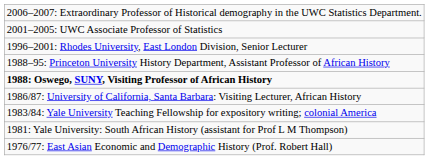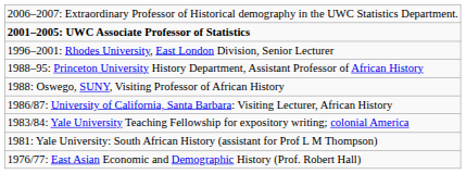 <table class="wikitable">
 <tr>
 <td>2006–2007: Extraordinary Professor of Historical demography in the UWC Statistics Department.</td>
 </tr>
 <tr>
-<td>2001–2005: UWC Associate Professor of Statistics</td>
+<td><strong>2001–2005: UWC Associate Professor of Statistics</strong></td>
 </tr>
 <tr>
 <td>1996–2001: <a href='#'>Rhodes University</a>, <a href='#'>East London</a> Division, Senior Lecturer</td>
 </tr>
 <tr>
 <td>1988–95: <a href='#'>Princeton University</a> History Department, Assistant Professor of <a href='#'>African History</a></td>
 </tr>
 <tr>
-<td><strong>1988: Oswego, <a href='#'>SUNY</a>, Visiting Professor of African History</strong></td>
+<td>1988: Oswego, <a href='#'>SUNY</a>, Visiting Professor of African History</td>
 </tr>
 <tr>
 <td>1986/87: <a href='#'>University of California, Santa Barbara</a>: Visiting Lecturer, African History</td>
 </tr>
 <tr>
 <td>1983/84: <a href='#'>Yale University</a> Teaching Fellowship for expository writing; <a href='#'>colonial America</a></td>
 </tr>
 <tr>
 <td>1981: Yale University: South African History (assistant for Prof L M Thompson)</td>
 </tr>
 <tr>
 <td>1976/77: <a href='#'>East Asian</a> Economic and <a href='#'>Demographic</a> History (Prof. Robert Hall)</td>
 </tr>
 </table>
